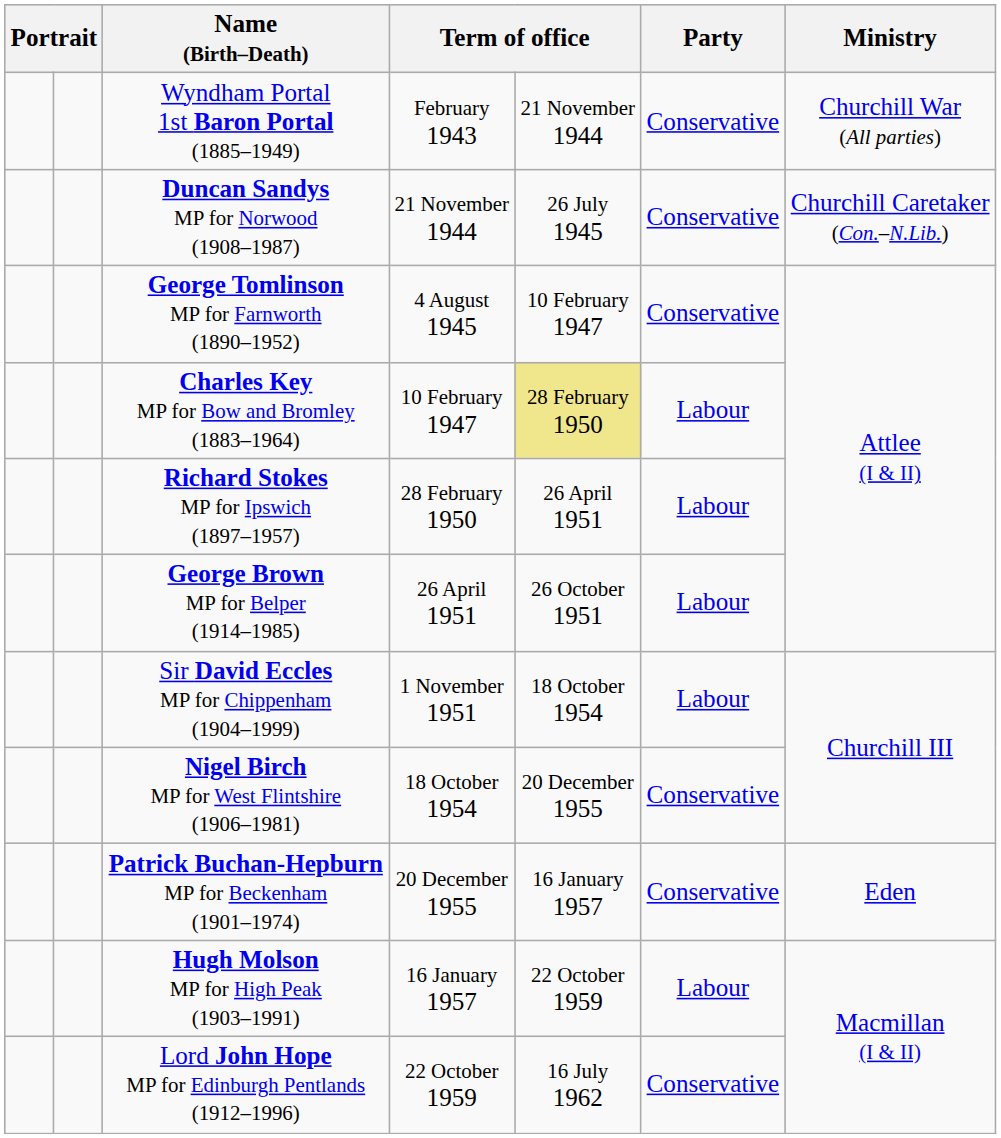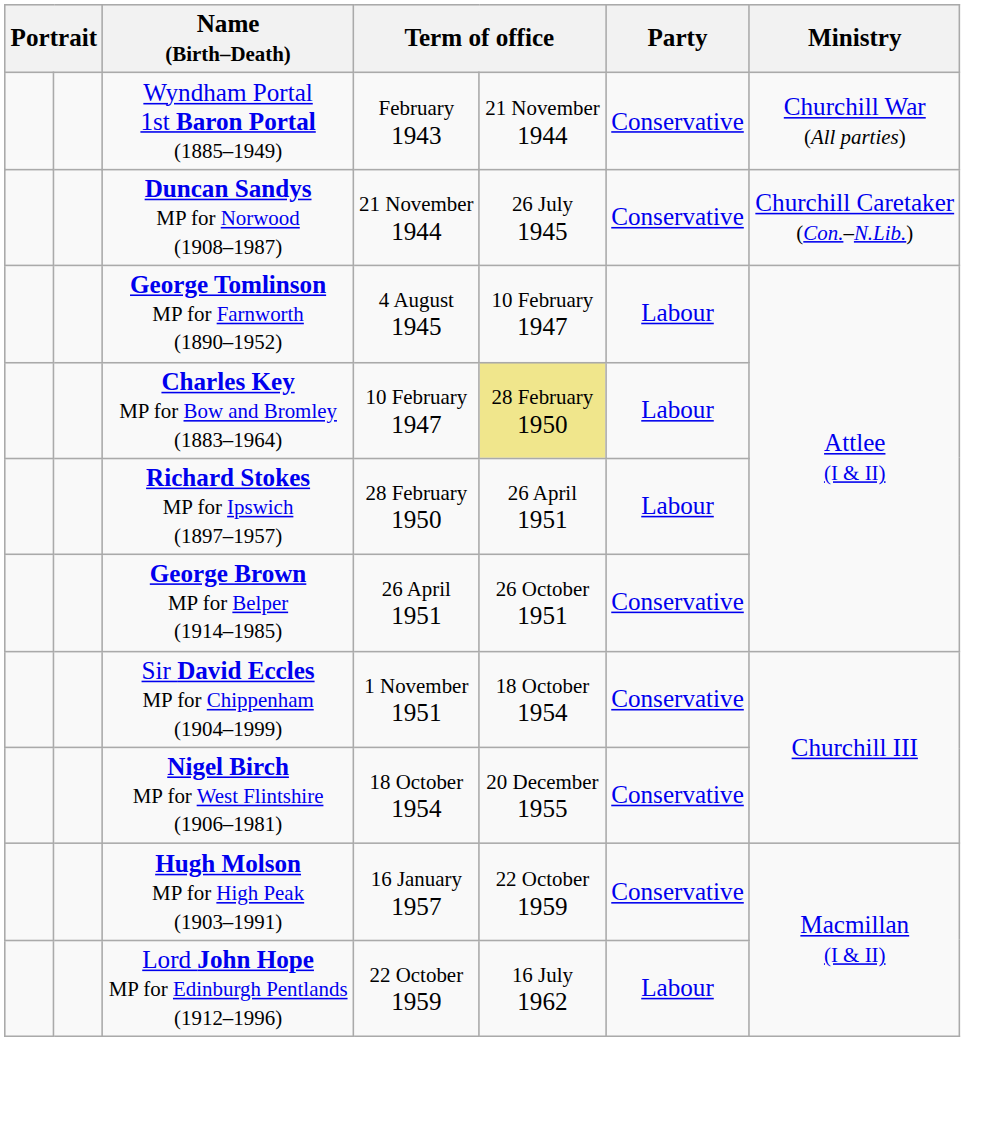 <table class="wikitable" style="text-align:center">
 <tr>
 <th colspan=2>Portrait</th>
 <th>Name<br><small>(Birth–Death)</small></th>
 <th colspan=2>Term of office</th>
 <th>Party</th>
 <th>Ministry</th>
 </tr>
 <tr>
 <td style="background-color:"></td>
 <td></td>
 <td><a href='#'>Wyndham Portal<br>1st <strong>Baron Portal</strong></a><br><small>(1885–1949)</small></td>
 <td><small>February</small><br>1943</td>
 <td><small>21 November</small><br>1944</td>
 <td><a href='#'>Conservative</a></td>
 <td rowspan=2 ><a href='#'>Churchill War</a><br><small>(<em>All parties</em>)</small></td>
 </tr>
 <tr>
 <td rowspan=2 style="background-color:"></td>
 <td rowspan=2></td>
 <td rowspan=2><strong><a href='#'>Duncan Sandys</a></strong><br><small>MP for <a href='#'>Norwood</a><br>(1908–1987)</small></td>
 <td rowspan=2><small>21 November</small><br>1944</td>
 <td rowspan=2><small>26 July</small><br>1945</td>
 <td rowspan=2 ><a href='#'>Conservative</a></td>
 </tr>
 <tr>
 <td><a href='#'>Churchill Caretaker</a><br><small>(<em><a href='#'>Con.</a>–<a href='#'>N.Lib.</a></em>)</small></td>
 </tr>
 <tr>
 <td style="background-color: "></td>
 <td></td>
 <td><strong><a href='#'>George Tomlinson</a></strong><br><small>MP for <a href='#'>Farnworth</a><br>(1890–1952)</small></td>
 <td><small>4 August</small><br>1945</td>
 <td><small>10 February</small><br>1947</td>
-<td><a href='#'>Conservative</a></td>
+<td><a href='#'>Labour</a></td>
 <td rowspan=4 ><a href='#'>Attlee<br><small>(I & II)</small></a></td>
 </tr>
 <tr>
 <td style="background-color: "></td>
 <td></td>
 <td><strong><a href='#'>Charles Key</a></strong><br><small>MP for <a href='#'>Bow and Bromley</a><br>(1883–1964)</small></td>
 <td><small>10 February</small><br>1947</td>
 <td style="background: khaki;"><small>28 February</small><br>1950</td>
 <td><a href='#'>Labour</a></td>
 </tr>
 <tr>
 <td style="background-color: "></td>
 <td></td>
 <td><strong><a href='#'>Richard Stokes</a></strong><br><small>MP for <a href='#'>Ipswich</a><br>(1897–1957)</small></td>
 <td><small>28 February</small><br>1950</td>
 <td><small>26 April</small><br>1951</td>
 <td><a href='#'>Labour</a></td>
 </tr>
 <tr>
 <td style="background-color: "></td>
 <td></td>
 <td><a href='#'><strong>George Brown</strong></a><br><small>MP for <a href='#'>Belper</a><br>(1914–1985)</small></td>
 <td><small>26 April</small><br>1951</td>
 <td><small>26 October</small><br>1951</td>
-<td><a href='#'>Labour</a></td>
+<td><a href='#'>Conservative</a></td>
 </tr>
 <tr>
 <td style="background-color:"></td>
 <td></td>
 <td><a href='#'>Sir <strong>David Eccles</strong></a><br><small>MP for <a href='#'>Chippenham</a><br>(1904–1999)</small></td>
 <td><small>1 November</small><br>1951</td>
 <td><small>18 October</small><br>1954</td>
-<td><a href='#'>Labour</a></td>
+<td><a href='#'>Conservative</a></td>
 <td rowspan=2 ><a href='#'>Churchill III</a></td>
 </tr>
 <tr>
 <td style="background-color:"></td>
 <td></td>
 <td><a href='#'><strong>Nigel Birch</strong></a><br><small>MP for <a href='#'>West Flintshire</a><br>(1906–1981)</small></td>
 <td><small>18 October</small><br>1954</td>
 <td><small>20 December</small><br>1955</td>
 <td><a href='#'>Conservative</a></td>
 </tr>
 <tr>
 <td style="background-color:"></td>
 <td></td>
-<td><a href='#'><strong>Patrick Buchan-Hepburn</strong></a><br><small>MP for <a href='#'>Beckenham</a><br>(1901–1974)</small></td>
-<td><small>20 December</small><br>1955</td>
-<td><small>16 January</small><br>1957</td>
-<td><a href='#'>Conservative</a></td>
-<td><a href='#'>Eden</a></td>
-</tr>
-<tr>
-<td style="background-color:"></td>
-<td></td>
 <td><a href='#'><strong>Hugh Molson</strong></a><br><small>MP for <a href='#'>High Peak</a><br>(1903–1991)</small></td>
 <td><small>16 January</small><br>1957</td>
 <td><small>22 October</small><br>1959</td>
-<td><a href='#'>Labour</a></td>
+<td><a href='#'>Conservative</a></td>
 <td rowspan=2 ><a href='#'>Macmillan<br><small>(I & II)</small></a></td>
 </tr>
 <tr>
 <td style="background-color:"></td>
 <td></td>
 <td><a href='#'>Lord <strong>John Hope</strong></a><br><small>MP for <a href='#'>Edinburgh Pentlands</a><br>(1912–1996)</small></td>
 <td><small>22 October</small><br>1959</td>
 <td><small>16 July</small><br>1962</td>
-<td><a href='#'>Conservative</a></td>
+<td><a href='#'>Labour</a></td>
 </tr>
 </table>
